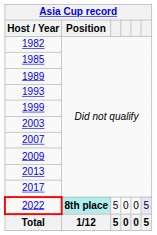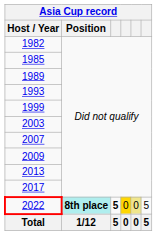 <table class="wikitable" style="text-align: center;">
 <tr>
 <th colspan="9"><a href='#'>Asia Cup record</a></th>
 </tr>
 <tr>
 <th>Host / Year</th>
 <th>Position</th>
 <th></th>
 <th></th>
 <th></th>
 <th></th>
 </tr>
 <tr>
 <td> <a href='#'>1982</a></td>
 <td colspan=8 rowspan="10"><em>Did not qualify</em></td>
 </tr>
 <tr>
 <td> <a href='#'>1985</a></td>
 </tr>
 <tr>
 <td> <a href='#'>1989</a></td>
 </tr>
 <tr>
 <td> <a href='#'>1993</a></td>
 </tr>
 <tr>
 <td> <a href='#'>1999</a></td>
 </tr>
 <tr>
 <td> <a href='#'>2003</a></td>
 </tr>
 <tr>
 <td> <a href='#'>2007</a></td>
 </tr>
 <tr>
 <td> <a href='#'>2009</a></td>
 </tr>
 <tr>
 <td> <a href='#'>2013</a></td>
 </tr>
 <tr>
 <td> <a href='#'>2017</a></td>
 </tr>
 <tr>
 <td style="border: 3px solid red"> <a href='#'>2022</a></td>
 <td style="background: paleturquoise;"><strong>8th place</strong></td>
+<td><strong>5</strong></td>
+<td style="background: gold;">0</td>
+<td style="background: khaki;">0</td>
 <td>5</td>
-<td>0</td>
-<td>0</td>
-<td style="background: lavender;">5</td>
 </tr>
 <tr>
 <th>Total</th>
 <th>1/12</th>
 <th>5</th>
 <th>0</th>
 <th>0</th>
 <th>5</th>
 </tr>
 </table>
